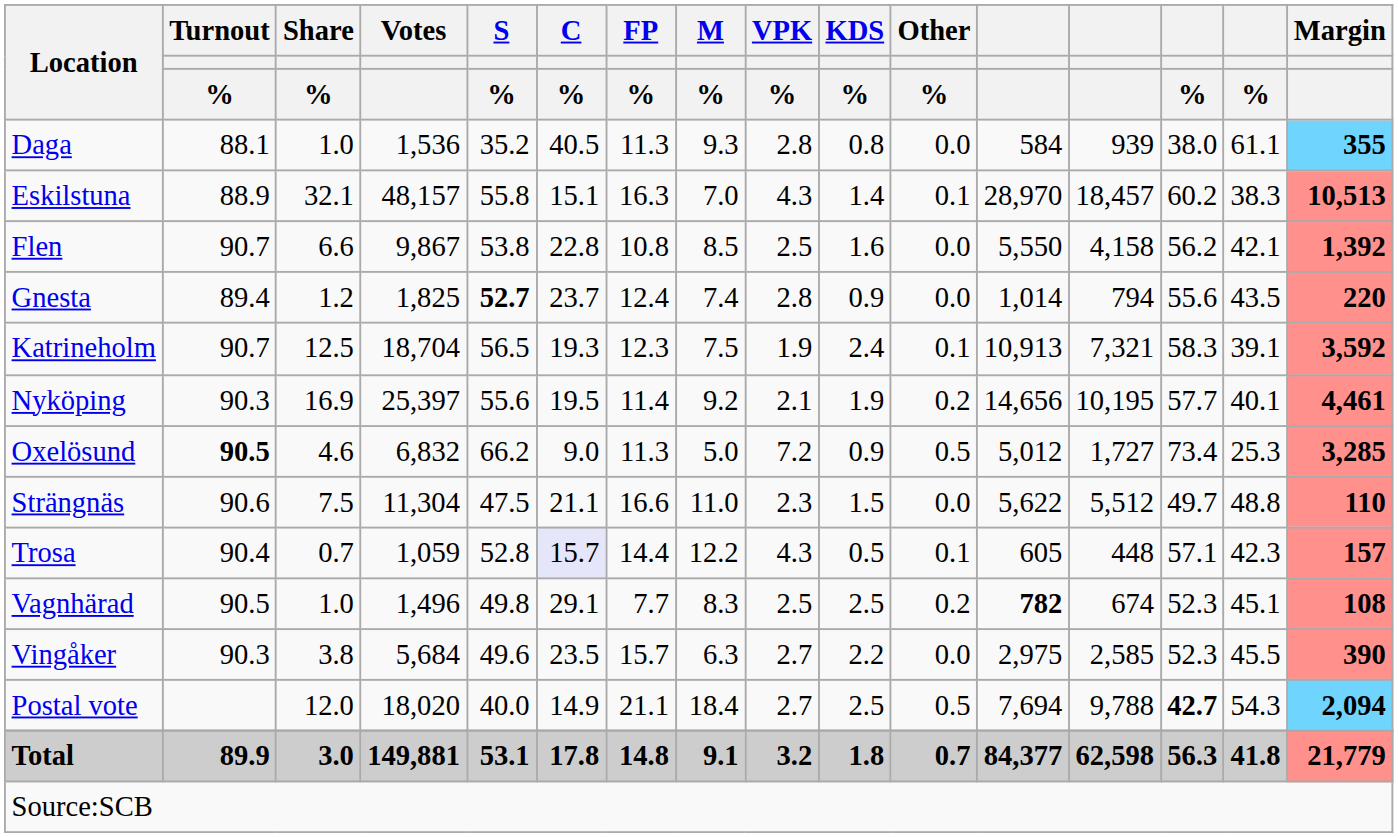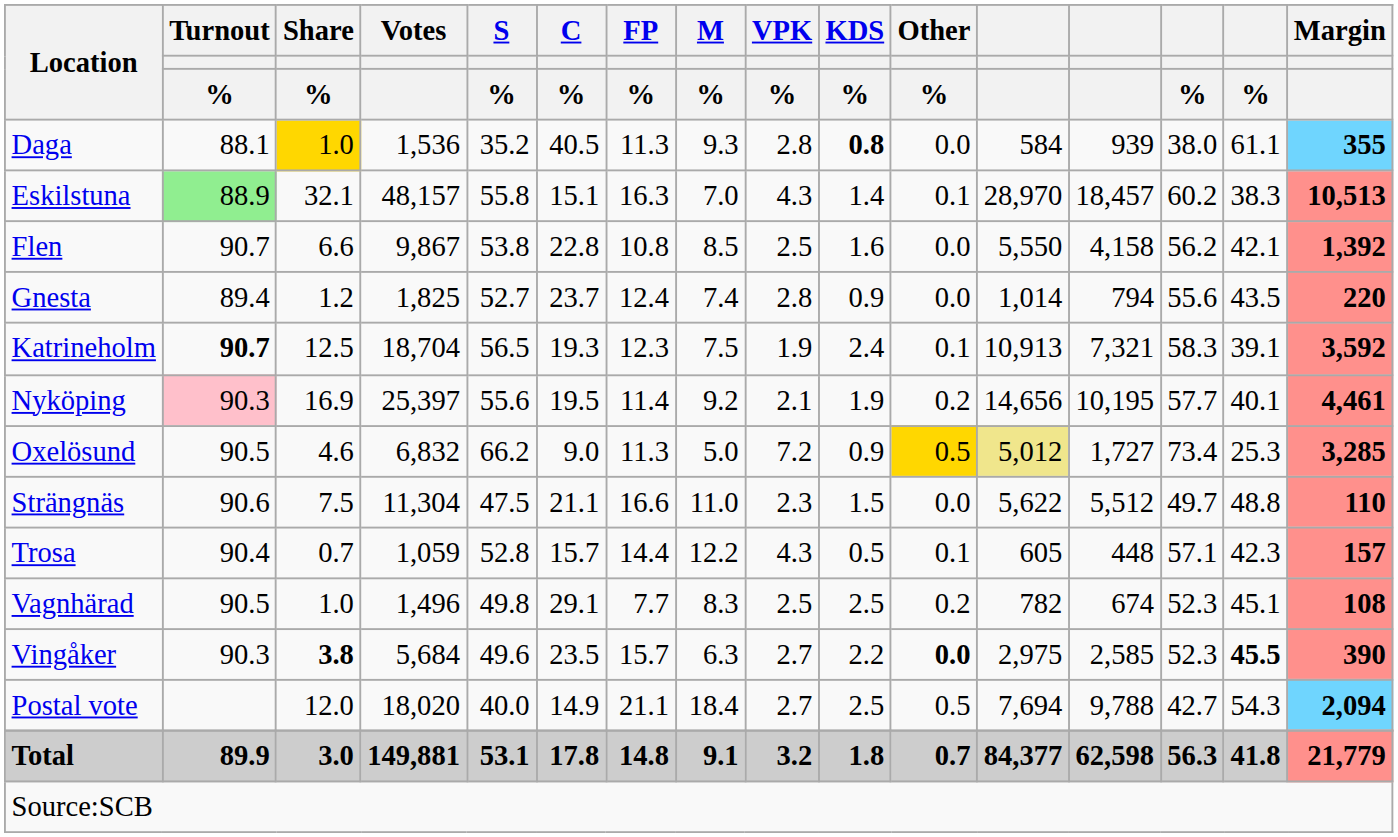 <table class="wikitable sortable" style="text-align:right; font-size:95%; line-height:20px;">
 <tr>
 <th rowspan="3">Location</th>
 <th>Turnout</th>
 <th>Share</th>
 <th>Votes</th>
 <th width="30px" class="unsortable"><a href='#'>S</a></th>
 <th width="30px" class="unsortable"><a href='#'>C</a></th>
 <th width="30px" class="unsortable"><a href='#'>FP</a></th>
 <th width="30px" class="unsortable"><a href='#'>M</a></th>
 <th width="30px" class="unsortable"><a href='#'>VPK</a></th>
 <th width="30px" class="unsortable"><a href='#'>KDS</a></th>
 <th width="30px" class="unsortable">Other</th>
 <th></th>
 <th></th>
 <th></th>
 <th></th>
 <th>Margin</th>
 </tr>
 <tr>
 <th></th>
 <th></th>
 <th></th>
 <th style="background:"></th>
 <th style="background:"></th>
 <th style="background:"></th>
 <th style="background:"></th>
 <th style="background:"></th>
 <th style="background:"></th>
 <th style="background:"></th>
 <th style="background:"></th>
 <th style="background:"></th>
 <th style="background:"></th>
 <th style="background:"></th>
 <th></th>
 </tr>
 <tr>
 <th data-sort-type="number">%</th>
 <th data-sort-type="number">%</th>
 <th></th>
 <th data-sort-type="number">%</th>
 <th data-sort-type="number">%</th>
 <th data-sort-type="number">%</th>
 <th data-sort-type="number">%</th>
 <th data-sort-type="number">%</th>
 <th data-sort-type="number">%</th>
 <th data-sort-type="number">%</th>
 <th data-sort-type="number"></th>
 <th data-sort-type="number"></th>
 <th data-sort-type="number">%</th>
 <th data-sort-type="number">%</th>
 <th data-sort-type="number"></th>
 </tr>
 <tr>
 <td align=left><a href='#'>Daga</a></td>
 <td>88.1</td>
-<td>1.0</td>
+<td style="background: gold;">1.0</td>
 <td>1,536</td>
 <td>35.2</td>
 <td>40.5</td>
 <td>11.3</td>
 <td>9.3</td>
 <td>2.8</td>
-<td>0.8</td>
+<td><strong>0.8</strong></td>
 <td>0.0</td>
 <td>584</td>
 <td>939</td>
 <td>38.0</td>
 <td>61.1</td>
 <td bgcolor=#6fd5fe><strong>355</strong></td>
 </tr>
 <tr>
 <td align=left><a href='#'>Eskilstuna</a></td>
-<td>88.9</td>
+<td style="background: lightgreen;">88.9</td>
 <td>32.1</td>
 <td>48,157</td>
 <td>55.8</td>
 <td>15.1</td>
 <td>16.3</td>
 <td>7.0</td>
 <td>4.3</td>
 <td>1.4</td>
 <td>0.1</td>
 <td>28,970</td>
 <td>18,457</td>
 <td>60.2</td>
 <td>38.3</td>
 <td bgcolor=#ff908c><strong>10,513</strong></td>
 </tr>
 <tr>
 <td align=left><a href='#'>Flen</a></td>
 <td>90.7</td>
 <td>6.6</td>
 <td>9,867</td>
 <td>53.8</td>
 <td>22.8</td>
 <td>10.8</td>
 <td>8.5</td>
 <td>2.5</td>
 <td>1.6</td>
 <td>0.0</td>
 <td>5,550</td>
 <td>4,158</td>
 <td>56.2</td>
 <td>42.1</td>
 <td bgcolor=#ff908c><strong>1,392</strong></td>
 </tr>
 <tr>
 <td align=left><a href='#'>Gnesta</a></td>
 <td>89.4</td>
 <td>1.2</td>
 <td>1,825</td>
-<td><strong>52.7</strong></td>
+<td>52.7</td>
 <td>23.7</td>
 <td>12.4</td>
 <td>7.4</td>
 <td>2.8</td>
 <td>0.9</td>
 <td>0.0</td>
 <td>1,014</td>
 <td>794</td>
 <td>55.6</td>
 <td>43.5</td>
 <td bgcolor=#ff908c><strong>220</strong></td>
 </tr>
 <tr>
 <td align=left><a href='#'>Katrineholm</a></td>
-<td>90.7</td>
+<td><strong>90.7</strong></td>
 <td>12.5</td>
 <td>18,704</td>
 <td>56.5</td>
 <td>19.3</td>
 <td>12.3</td>
 <td>7.5</td>
 <td>1.9</td>
 <td>2.4</td>
 <td>0.1</td>
 <td>10,913</td>
 <td>7,321</td>
 <td>58.3</td>
 <td>39.1</td>
 <td bgcolor=#ff908c><strong>3,592</strong></td>
 </tr>
 <tr>
 <td align=left><a href='#'>Nyköping</a></td>
-<td>90.3</td>
+<td style="background: pink;">90.3</td>
 <td>16.9</td>
 <td>25,397</td>
 <td>55.6</td>
 <td>19.5</td>
 <td>11.4</td>
 <td>9.2</td>
 <td>2.1</td>
 <td>1.9</td>
 <td>0.2</td>
 <td>14,656</td>
 <td>10,195</td>
 <td>57.7</td>
 <td>40.1</td>
 <td bgcolor=#ff908c><strong>4,461</strong></td>
 </tr>
 <tr>
 <td align=left><a href='#'>Oxelösund</a></td>
-<td><strong>90.5</strong></td>
+<td>90.5</td>
 <td>4.6</td>
 <td>6,832</td>
 <td>66.2</td>
 <td>9.0</td>
 <td>11.3</td>
 <td>5.0</td>
 <td>7.2</td>
 <td>0.9</td>
-<td>0.5</td>
-<td>5,012</td>
+<td style="background: gold;">0.5</td>
+<td style="background: khaki;">5,012</td>
 <td>1,727</td>
 <td>73.4</td>
 <td>25.3</td>
 <td bgcolor=#ff908c><strong>3,285</strong></td>
 </tr>
 <tr>
 <td align=left><a href='#'>Strängnäs</a></td>
 <td>90.6</td>
 <td>7.5</td>
 <td>11,304</td>
 <td>47.5</td>
 <td>21.1</td>
 <td>16.6</td>
 <td>11.0</td>
 <td>2.3</td>
 <td>1.5</td>
 <td>0.0</td>
 <td>5,622</td>
 <td>5,512</td>
 <td>49.7</td>
 <td>48.8</td>
 <td bgcolor=#ff908c><strong>110</strong></td>
 </tr>
 <tr>
 <td align=left><a href='#'>Trosa</a></td>
 <td>90.4</td>
 <td>0.7</td>
 <td>1,059</td>
 <td>52.8</td>
-<td style="background: lavender;">15.7</td>
+<td>15.7</td>
 <td>14.4</td>
 <td>12.2</td>
 <td>4.3</td>
 <td>0.5</td>
 <td>0.1</td>
 <td>605</td>
 <td>448</td>
 <td>57.1</td>
 <td>42.3</td>
 <td bgcolor=#ff908c><strong>157</strong></td>
 </tr>
 <tr>
 <td align=left><a href='#'>Vagnhärad</a></td>
 <td>90.5</td>
 <td>1.0</td>
 <td>1,496</td>
 <td>49.8</td>
 <td>29.1</td>
 <td>7.7</td>
 <td>8.3</td>
 <td>2.5</td>
 <td>2.5</td>
 <td>0.2</td>
-<td><strong>782</strong></td>
+<td>782</td>
 <td>674</td>
 <td>52.3</td>
 <td>45.1</td>
 <td bgcolor=#ff908c><strong>108</strong></td>
 </tr>
 <tr>
 <td align=left><a href='#'>Vingåker</a></td>
 <td>90.3</td>
-<td>3.8</td>
+<td><strong>3.8</strong></td>
 <td>5,684</td>
 <td>49.6</td>
 <td>23.5</td>
 <td>15.7</td>
 <td>6.3</td>
 <td>2.7</td>
 <td>2.2</td>
-<td>0.0</td>
+<td><strong>0.0</strong></td>
 <td>2,975</td>
 <td>2,585</td>
 <td>52.3</td>
-<td>45.5</td>
+<td><strong>45.5</strong></td>
 <td bgcolor=#ff908c><strong>390</strong></td>
 </tr>
 <tr>
 <td align=left><a href='#'>Postal vote</a></td>
 <td></td>
 <td>12.0</td>
 <td>18,020</td>
 <td>40.0</td>
 <td>14.9</td>
 <td>21.1</td>
 <td>18.4</td>
 <td>2.7</td>
 <td>2.5</td>
 <td>0.5</td>
 <td>7,694</td>
 <td>9,788</td>
-<td><strong>42.7</strong></td>
+<td>42.7</td>
 <td>54.3</td>
 <td bgcolor=#6fd5fe><strong>2,094</strong></td>
 </tr>
 <tr>
 </tr>
 <tr style="background:#CDCDCD;">
 <td align=left><strong>Total</strong></td>
 <td><strong>89.9</strong></td>
 <td><strong>3.0</strong></td>
 <td><strong>149,881</strong></td>
 <td><strong>53.1</strong></td>
 <td><strong>17.8</strong></td>
 <td><strong>14.8</strong></td>
 <td><strong>9.1</strong></td>
 <td><strong>3.2</strong></td>
 <td><strong>1.8</strong></td>
 <td><strong>0.7</strong></td>
 <td><strong>84,377</strong></td>
 <td><strong>62,598</strong></td>
 <td><strong>56.3</strong></td>
 <td><strong>41.8</strong></td>
 <td bgcolor=#ff908c><strong>21,779</strong></td>
 </tr>
 <tr>
 <td align=left colspan=16>Source:SCB </td>
 </tr>
 </table>
